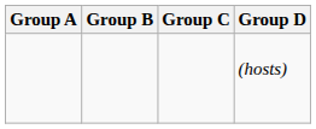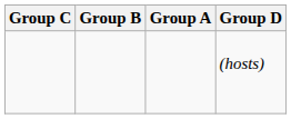 <table class="wikitable">
 <tr>
+<th width=25%>Group C</th>
+<th width=25%>Group B</th>
 <th width=25%>Group A</th>
-<th width=25%>Group B</th>
-<th width=25%>Group C</th>
 <th width=25%>Group D</th>
 </tr>
 <tr>
-<td><br> <br>  <br>  <br> </td>
 <td><br> <br>  <br>  <br> <del></del></td>
 <td><br> <br>  <br>  <br> <del></del></td>
+<td><br> <br>  <br>  <br> </td>
 <td><br> <em>(hosts)</em> <br>  <br>  <br> </td>
 </tr>
 </table>
